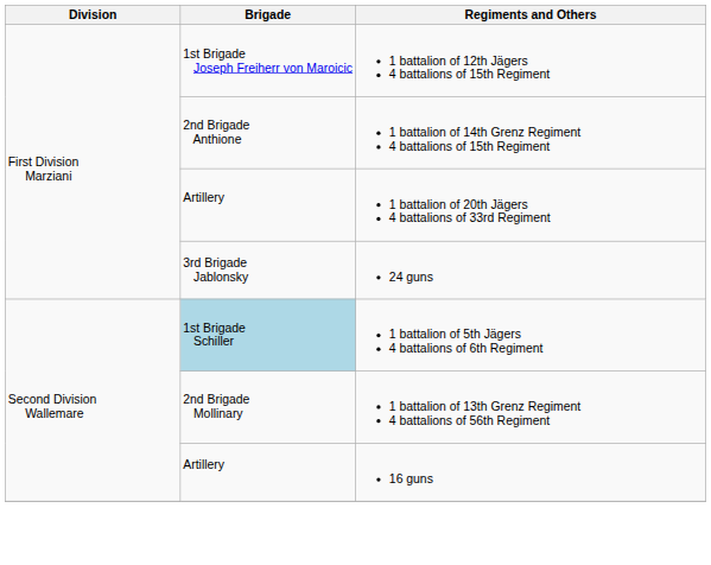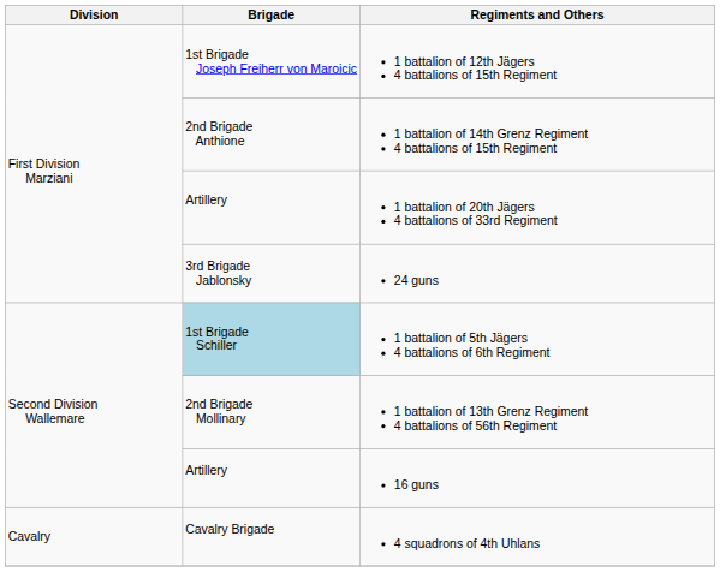 <table class="wikitable">
 <tr>
 <th width=25%>Division</th>
 <th width=25%>Brigade</th>
 <th>Regiments and Others</th>
 </tr>
 <tr>
 <td rowspan=4><br>First Division <br>     Marziani</td>
 <td>1st Brigade<br>   <a href='#'>Joseph Freiherr von Maroicic</a></td>
 <td><br><ul><li>1 battalion of 12th Jägers</li><li>4 battalions of 15th Regiment</li></ul></td>
 </tr>
 <tr>
 <td>2nd Brigade<br>   Anthione</td>
 <td><br><ul><li>1 battalion of 14th Grenz Regiment</li><li>4 battalions of 15th Regiment</li></ul></td>
 </tr>
 <tr>
 <td>Artillery<br>  </td>
 <td><br><ul><li>1 battalion of 20th Jägers</li><li>4 battalions of 33rd Regiment</li></ul></td>
 </tr>
 <tr>
 <td>3rd Brigade<br>   Jablonsky</td>
 <td><br><ul><li>24 guns</li></ul></td>
 </tr>
 <tr>
 <td rowspan=3><br>Second Division <br>     Wallemare</td>
 <td style="background: lightblue;">1st Brigade<br>   Schiller</td>
 <td><br><ul><li>1 battalion of 5th Jägers</li><li>4 battalions of 6th Regiment</li></ul></td>
 </tr>
 <tr>
 <td>2nd Brigade<br>   Mollinary</td>
 <td><br><ul><li>1 battalion of 13th Grenz Regiment</li><li>4 battalions of 56th Regiment</li></ul></td>
 </tr>
 <tr>
 <td>Artillery<br>  </td>
 <td><br><ul><li>16 guns</li></ul></td>
 </tr>
 <tr>
+<td rowspan=1><br>Cavalry <br>    </td>
+<td>Cavalry Brigade<br>  </td>
+<td><br><ul><li>4 squadrons of 4th Uhlans</li></ul></td>
+</tr>
+<tr>
 </tr>
 </table>
